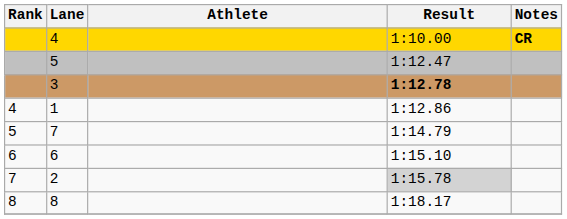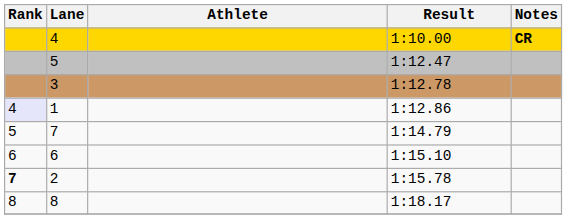 <table class="wikitable" style="font-size:95%" style="width:35em;" style="text-align:center">
 <tr>
 <th>Rank</th>
 <th>Lane</th>
 <th width=250>Athlete</th>
 <th width=100>Result</th>
 <th>Notes</th>
 </tr>
 <tr bgcolor=gold>
 <td></td>
 <td>4</td>
 <td align=left></td>
 <td>1:10.00</td>
 <td><strong>CR</strong></td>
 </tr>
 <tr bgcolor=silver>
 <td></td>
 <td>5</td>
 <td align=left></td>
 <td>1:12.47</td>
 <td></td>
 </tr>
 <tr bgcolor=cc9966>
 <td></td>
 <td>3</td>
 <td align=left></td>
-<td><strong>1:12.78</strong></td>
+<td>1:12.78</td>
 <td></td>
 </tr>
 <tr>
-<td>4</td>
+<td style="background: lavender;">4</td>
 <td>1</td>
 <td align=left></td>
 <td>1:12.86</td>
 <td></td>
 </tr>
 <tr>
 <td>5</td>
 <td>7</td>
 <td align=left></td>
 <td>1:14.79</td>
 <td></td>
 </tr>
 <tr>
 <td>6</td>
 <td>6</td>
 <td align=left></td>
 <td>1:15.10</td>
 <td></td>
 </tr>
 <tr>
-<td>7</td>
+<td><strong>7</strong></td>
 <td>2</td>
 <td align=left></td>
-<td style="background: lightgrey;">1:15.78</td>
+<td>1:15.78</td>
 <td></td>
 </tr>
 <tr>
 <td>8</td>
 <td>8</td>
 <td align=left></td>
 <td>1:18.17</td>
 <td></td>
 </tr>
 <tr>
 </tr>
 </table>
